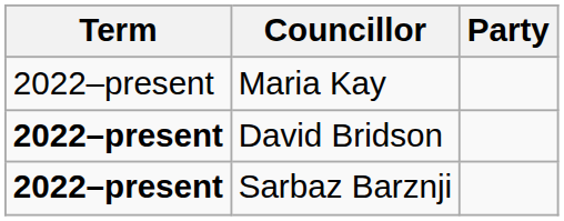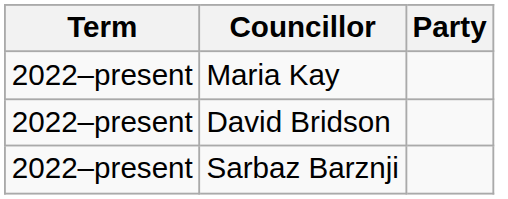 <table class="wikitable">
 <tr>
 <th>Term</th>
 <th>Councillor</th>
 <th colspan=2>Party</th>
 </tr>
 <tr>
 <td>2022–present</td>
 <td>Maria Kay</td>
 <td></td>
 </tr>
 <tr>
-<td><strong>2022–present</strong></td>
+<td>2022–present</td>
 <td>David Bridson</td>
 <td></td>
 </tr>
 <tr>
-<td><strong>2022–present</strong></td>
+<td>2022–present</td>
 <td>Sarbaz Barznji</td>
 <td></td>
 </tr>
 </table>
